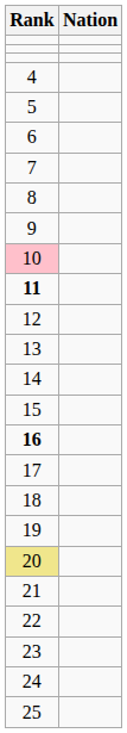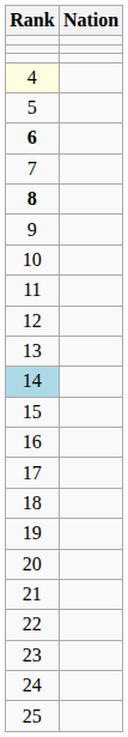 <table class="wikitable sortable" style="text-align:left">
 <tr>
 <th>Rank</th>
 <th>Nation</th>
 </tr>
 <tr>
 <td align="center"></td>
 <td></td>
 </tr>
 <tr>
 <td align="center"></td>
 <td></td>
 </tr>
 <tr>
 <td align="center"></td>
 <td></td>
 </tr>
 <tr>
-<td align="center">4</td>
+<td align="center" style="background: lightyellow;">4</td>
 <td></td>
 </tr>
 <tr>
 <td align="center">5</td>
 <td></td>
 </tr>
 <tr>
-<td align="center">6</td>
+<td align="center"><strong>6</strong></td>
 <td></td>
 </tr>
 <tr>
 <td align="center">7</td>
 <td></td>
 </tr>
 <tr>
-<td align="center">8</td>
+<td align="center"><strong>8</strong></td>
 <td></td>
 </tr>
 <tr>
 <td align="center">9</td>
 <td></td>
 </tr>
 <tr>
-<td align="center" style="background: pink;">10</td>
+<td align="center">10</td>
 <td></td>
 </tr>
 <tr>
-<td align="center"><strong>11</strong></td>
+<td align="center">11</td>
 <td></td>
 </tr>
 <tr>
 <td align="center">12</td>
 <td></td>
 </tr>
 <tr>
 <td align="center">13</td>
 <td></td>
 </tr>
 <tr>
-<td align="center">14</td>
+<td align="center" style="background: lightblue;">14</td>
 <td></td>
 </tr>
 <tr>
 <td align="center">15</td>
 <td></td>
 </tr>
 <tr>
-<td align="center"><strong>16</strong></td>
+<td align="center">16</td>
 <td></td>
 </tr>
 <tr>
 <td align="center">17</td>
 <td></td>
 </tr>
 <tr>
 <td align="center">18</td>
 <td></td>
 </tr>
 <tr>
 <td align="center">19</td>
 <td></td>
 </tr>
 <tr>
-<td align="center" style="background: khaki;">20</td>
+<td align="center">20</td>
 <td></td>
 </tr>
 <tr>
 <td align="center">21</td>
 <td></td>
 </tr>
 <tr>
 <td align="center">22</td>
 <td></td>
 </tr>
 <tr>
 <td align="center">23</td>
 <td></td>
 </tr>
 <tr>
 <td align="center">24</td>
 <td></td>
 </tr>
 <tr>
 <td align="center">25</td>
 <td></td>
 </tr>
 </table>
